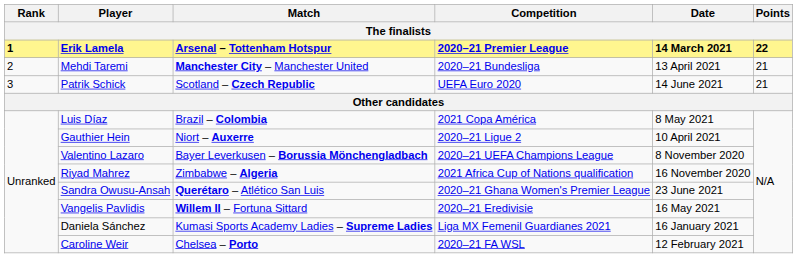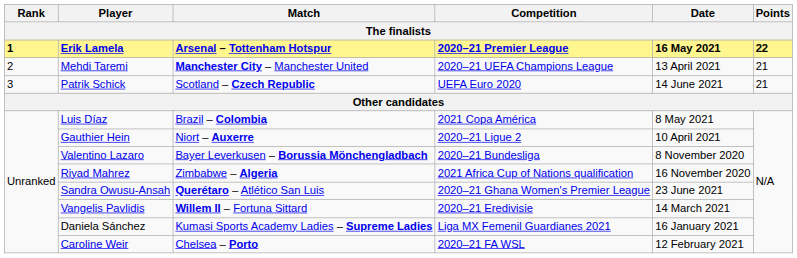 <table class="wikitable">
 <tr>
 <th>Rank</th>
 <th>Player</th>
 <th>Match</th>
 <th>Competition</th>
 <th>Date</th>
 <th>Points</th>
 </tr>
 <tr>
 <th colspan="7">The finalists</th>
 </tr>
 <tr style="background-color: #FFF68F; font-weight: bold;">
 <td>1</td>
 <td> <a href='#'>Erik Lamela</a></td>
 <td><a href='#'>Arsenal</a> – <strong><a href='#'>Tottenham Hotspur</a></strong></td>
 <td><a href='#'>2020–21 Premier League</a></td>
-<td>14 March 2021</td>
+<td>16 May 2021</td>
 <td>22</td>
 </tr>
 <tr>
 <td>2</td>
 <td> <a href='#'>Mehdi Taremi</a></td>
 <td><strong><a href='#'>Manchester City</a></strong> – <a href='#'>Manchester United</a></td>
-<td><a href='#'>2020–21 Bundesliga</a></td>
+<td><a href='#'>2020–21 UEFA Champions League</a></td>
 <td>13 April 2021</td>
 <td>21</td>
 </tr>
 <tr>
 <td>3</td>
 <td> <a href='#'>Patrik Schick</a></td>
 <td><a href='#'>Scotland</a> – <strong><a href='#'>Czech Republic</a></strong></td>
 <td><a href='#'>UEFA Euro 2020</a></td>
 <td>14 June 2021</td>
 <td>21</td>
 </tr>
 <tr>
 <th colspan="7">Other candidates</th>
 </tr>
 <tr>
 <td rowspan="8">Unranked</td>
 <td> <a href='#'>Luis Díaz</a></td>
 <td><a href='#'>Brazil</a> – <strong><a href='#'>Colombia</a></strong></td>
 <td><a href='#'>2021 Copa América</a></td>
 <td>8 May 2021</td>
 <td rowspan="8">N/A</td>
 </tr>
 <tr>
 <td> <a href='#'>Gauthier Hein</a></td>
 <td><a href='#'>Niort</a> – <strong><a href='#'>Auxerre</a></strong></td>
 <td><a href='#'>2020–21 Ligue 2</a></td>
 <td>10 April 2021</td>
 </tr>
 <tr>
 <td> <a href='#'>Valentino Lazaro</a></td>
 <td><a href='#'>Bayer Leverkusen</a> – <strong><a href='#'>Borussia Mönchengladbach</a></strong></td>
-<td><a href='#'>2020–21 UEFA Champions League</a></td>
+<td><a href='#'>2020–21 Bundesliga</a></td>
 <td>8 November 2020</td>
 </tr>
 <tr>
 <td> <a href='#'>Riyad Mahrez</a></td>
 <td><a href='#'>Zimbabwe</a> – <strong><a href='#'>Algeria</a></strong></td>
 <td><a href='#'>2021 Africa Cup of Nations qualification</a></td>
 <td>16 November 2020</td>
 </tr>
 <tr>
 <td> <a href='#'>Sandra Owusu-Ansah</a></td>
 <td><strong><a href='#'>Querétaro</a></strong> – <a href='#'>Atlético San Luis</a></td>
 <td><a href='#'>2020–21 Ghana Women's Premier League</a></td>
 <td>23 June 2021</td>
 </tr>
 <tr>
 <td> <a href='#'>Vangelis Pavlidis</a></td>
 <td><strong><a href='#'>Willem II</a></strong> – <a href='#'>Fortuna Sittard</a></td>
 <td><a href='#'>2020–21 Eredivisie</a></td>
-<td>16 May 2021</td>
+<td>14 March 2021</td>
 </tr>
 <tr>
 <td> Daniela Sánchez</td>
 <td><a href='#'>Kumasi Sports Academy Ladies</a> – <strong><a href='#'>Supreme Ladies</a></strong></td>
 <td><a href='#'>Liga MX Femenil Guardianes 2021</a></td>
 <td>16 January 2021</td>
 </tr>
 <tr>
 <td> <a href='#'>Caroline Weir</a></td>
 <td><a href='#'>Chelsea</a> – <strong><a href='#'>Porto</a></strong></td>
 <td><a href='#'>2020–21 FA WSL</a></td>
 <td>12 February 2021</td>
 </tr>
 </table>
